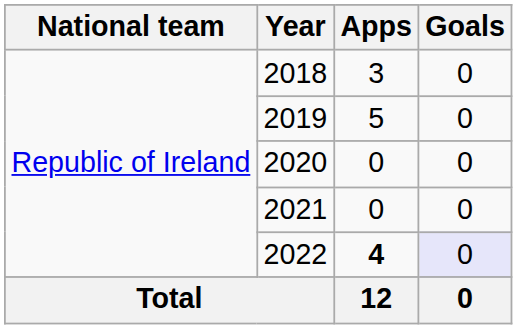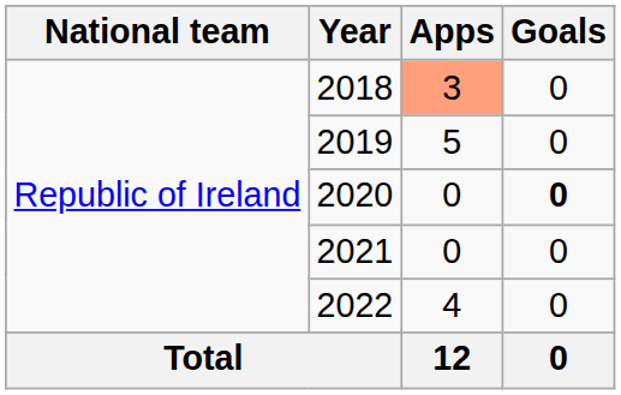 <table class="wikitable" style="text-align:center">
 <tr>
 <th>National team</th>
 <th>Year</th>
 <th>Apps</th>
 <th>Goals</th>
 </tr>
 <tr>
 <td rowspan="5"><a href='#'>Republic of Ireland</a></td>
 <td>2018</td>
-<td>3</td>
+<td style="background: lightsalmon;">3</td>
 <td>0</td>
 </tr>
 <tr>
 <td>2019</td>
 <td>5</td>
 <td>0</td>
 </tr>
 <tr>
 <td>2020</td>
 <td>0</td>
-<td>0</td>
+<td><strong>0</strong></td>
 </tr>
 <tr>
 <td>2021</td>
 <td>0</td>
 <td>0</td>
 </tr>
 <tr>
 <td>2022</td>
-<td><strong>4</strong></td>
-<td style="background: lavender;">0</td>
+<td>4</td>
+<td>0</td>
 </tr>
 <tr>
 <th colspan="2">Total</th>
 <th>12</th>
 <th>0</th>
 </tr>
 </table>
